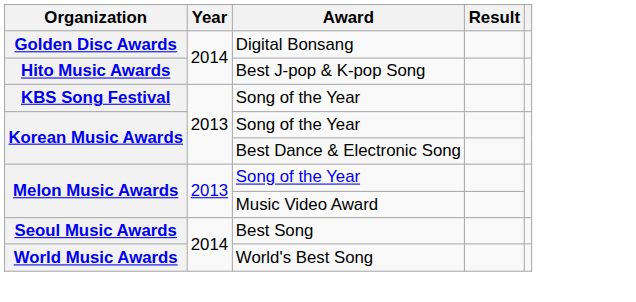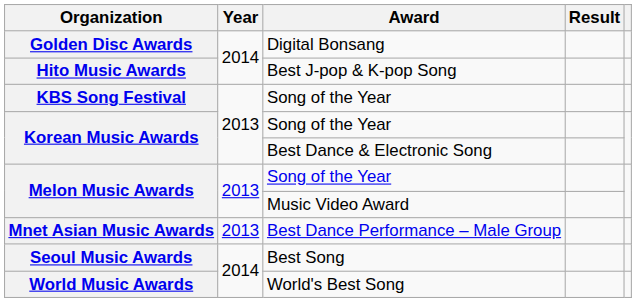 <table class="wikitable plainrowheaders sortable">
 <tr>
 <th scope="col">Organization</th>
 <th scope="col">Year</th>
 <th scope="col">Award</th>
 <th scope="col">Result</th>
 <th class="unsortable"></th>
 </tr>
 <tr>
 <th scope="row"><a href='#'>Golden Disc Awards</a></th>
 <td align="center" rowspan="2">2014</td>
 <td>Digital Bonsang</td>
 <td></td>
 <td align="center"></td>
 </tr>
 <tr>
 <th scope="row"><a href='#'>Hito Music Awards</a></th>
 <td>Best J-pop & K-pop Song</td>
 <td></td>
 <td align="center"></td>
 </tr>
 <tr>
 <th scope="row"><a href='#'>KBS Song Festival</a></th>
 <td align="center" rowspan="3">2013</td>
 <td>Song of the Year</td>
 <td></td>
 <td align="center"></td>
 </tr>
 <tr>
 <th scope="row" rowspan="2"><a href='#'>Korean Music Awards</a></th>
 <td>Song of the Year</td>
 <td></td>
 <td rowspan="2" align="center"></td>
 </tr>
 <tr>
 <td>Best Dance & Electronic Song</td>
 <td></td>
 </tr>
 <tr>
 <th scope="row" rowspan="2"><a href='#'>Melon Music Awards</a></th>
 <td align="center" rowspan="2"><a href='#'>2013</a></td>
 <td><a href='#'>Song of the Year</a></td>
 <td></td>
 <td align="center" rowspan="2"></td>
 </tr>
 <tr>
 <td>Music Video Award</td>
 <td></td>
 </tr>
 <tr>
+<th scope="row"><a href='#'>Mnet Asian Music Awards</a></th>
+<td align="center"><a href='#'>2013</a></td>
+<td><a href='#'>Best Dance Performance – Male Group</a></td>
+<td></td>
+<td align="center"></td>
+</tr>
+<tr>
 <th scope="row"><a href='#'>Seoul Music Awards</a></th>
 <td align="center" rowspan="2">2014</td>
 <td>Best Song</td>
 <td></td>
 <td align="center"></td>
 </tr>
 <tr>
 <th scope="row"><a href='#'>World Music Awards</a></th>
 <td>World's Best Song</td>
 <td></td>
 <td align="center"></td>
 </tr>
 </table>
